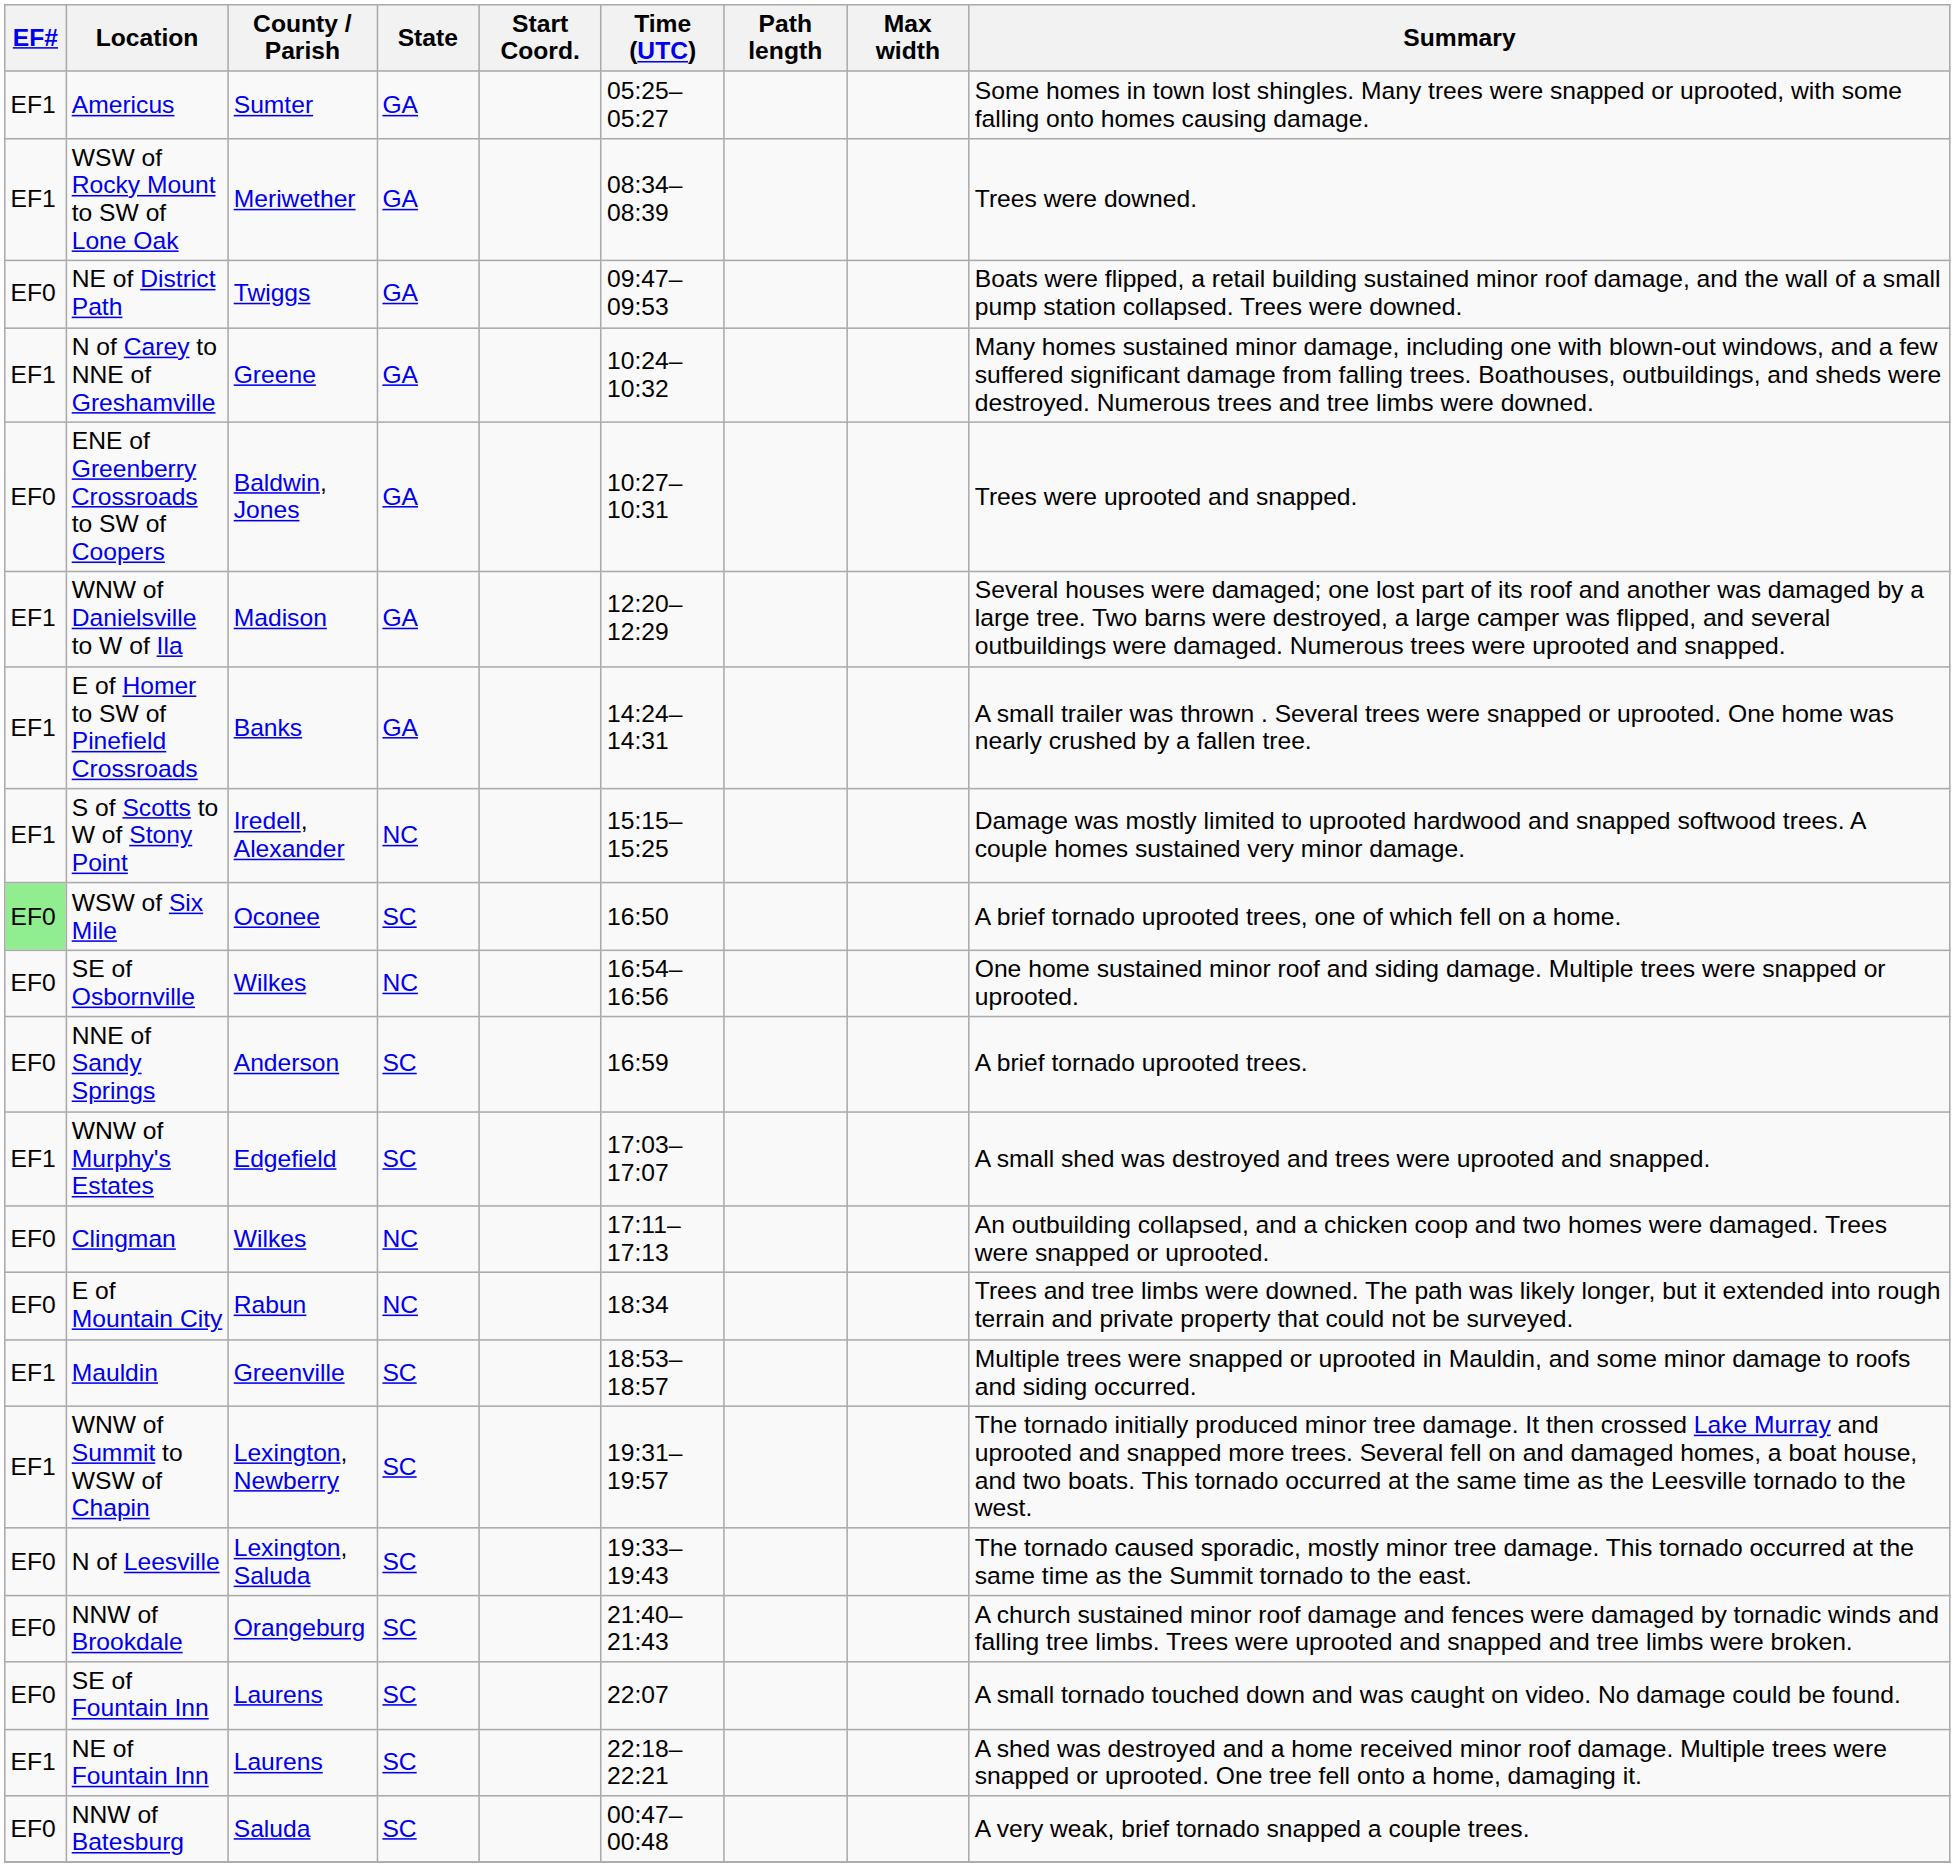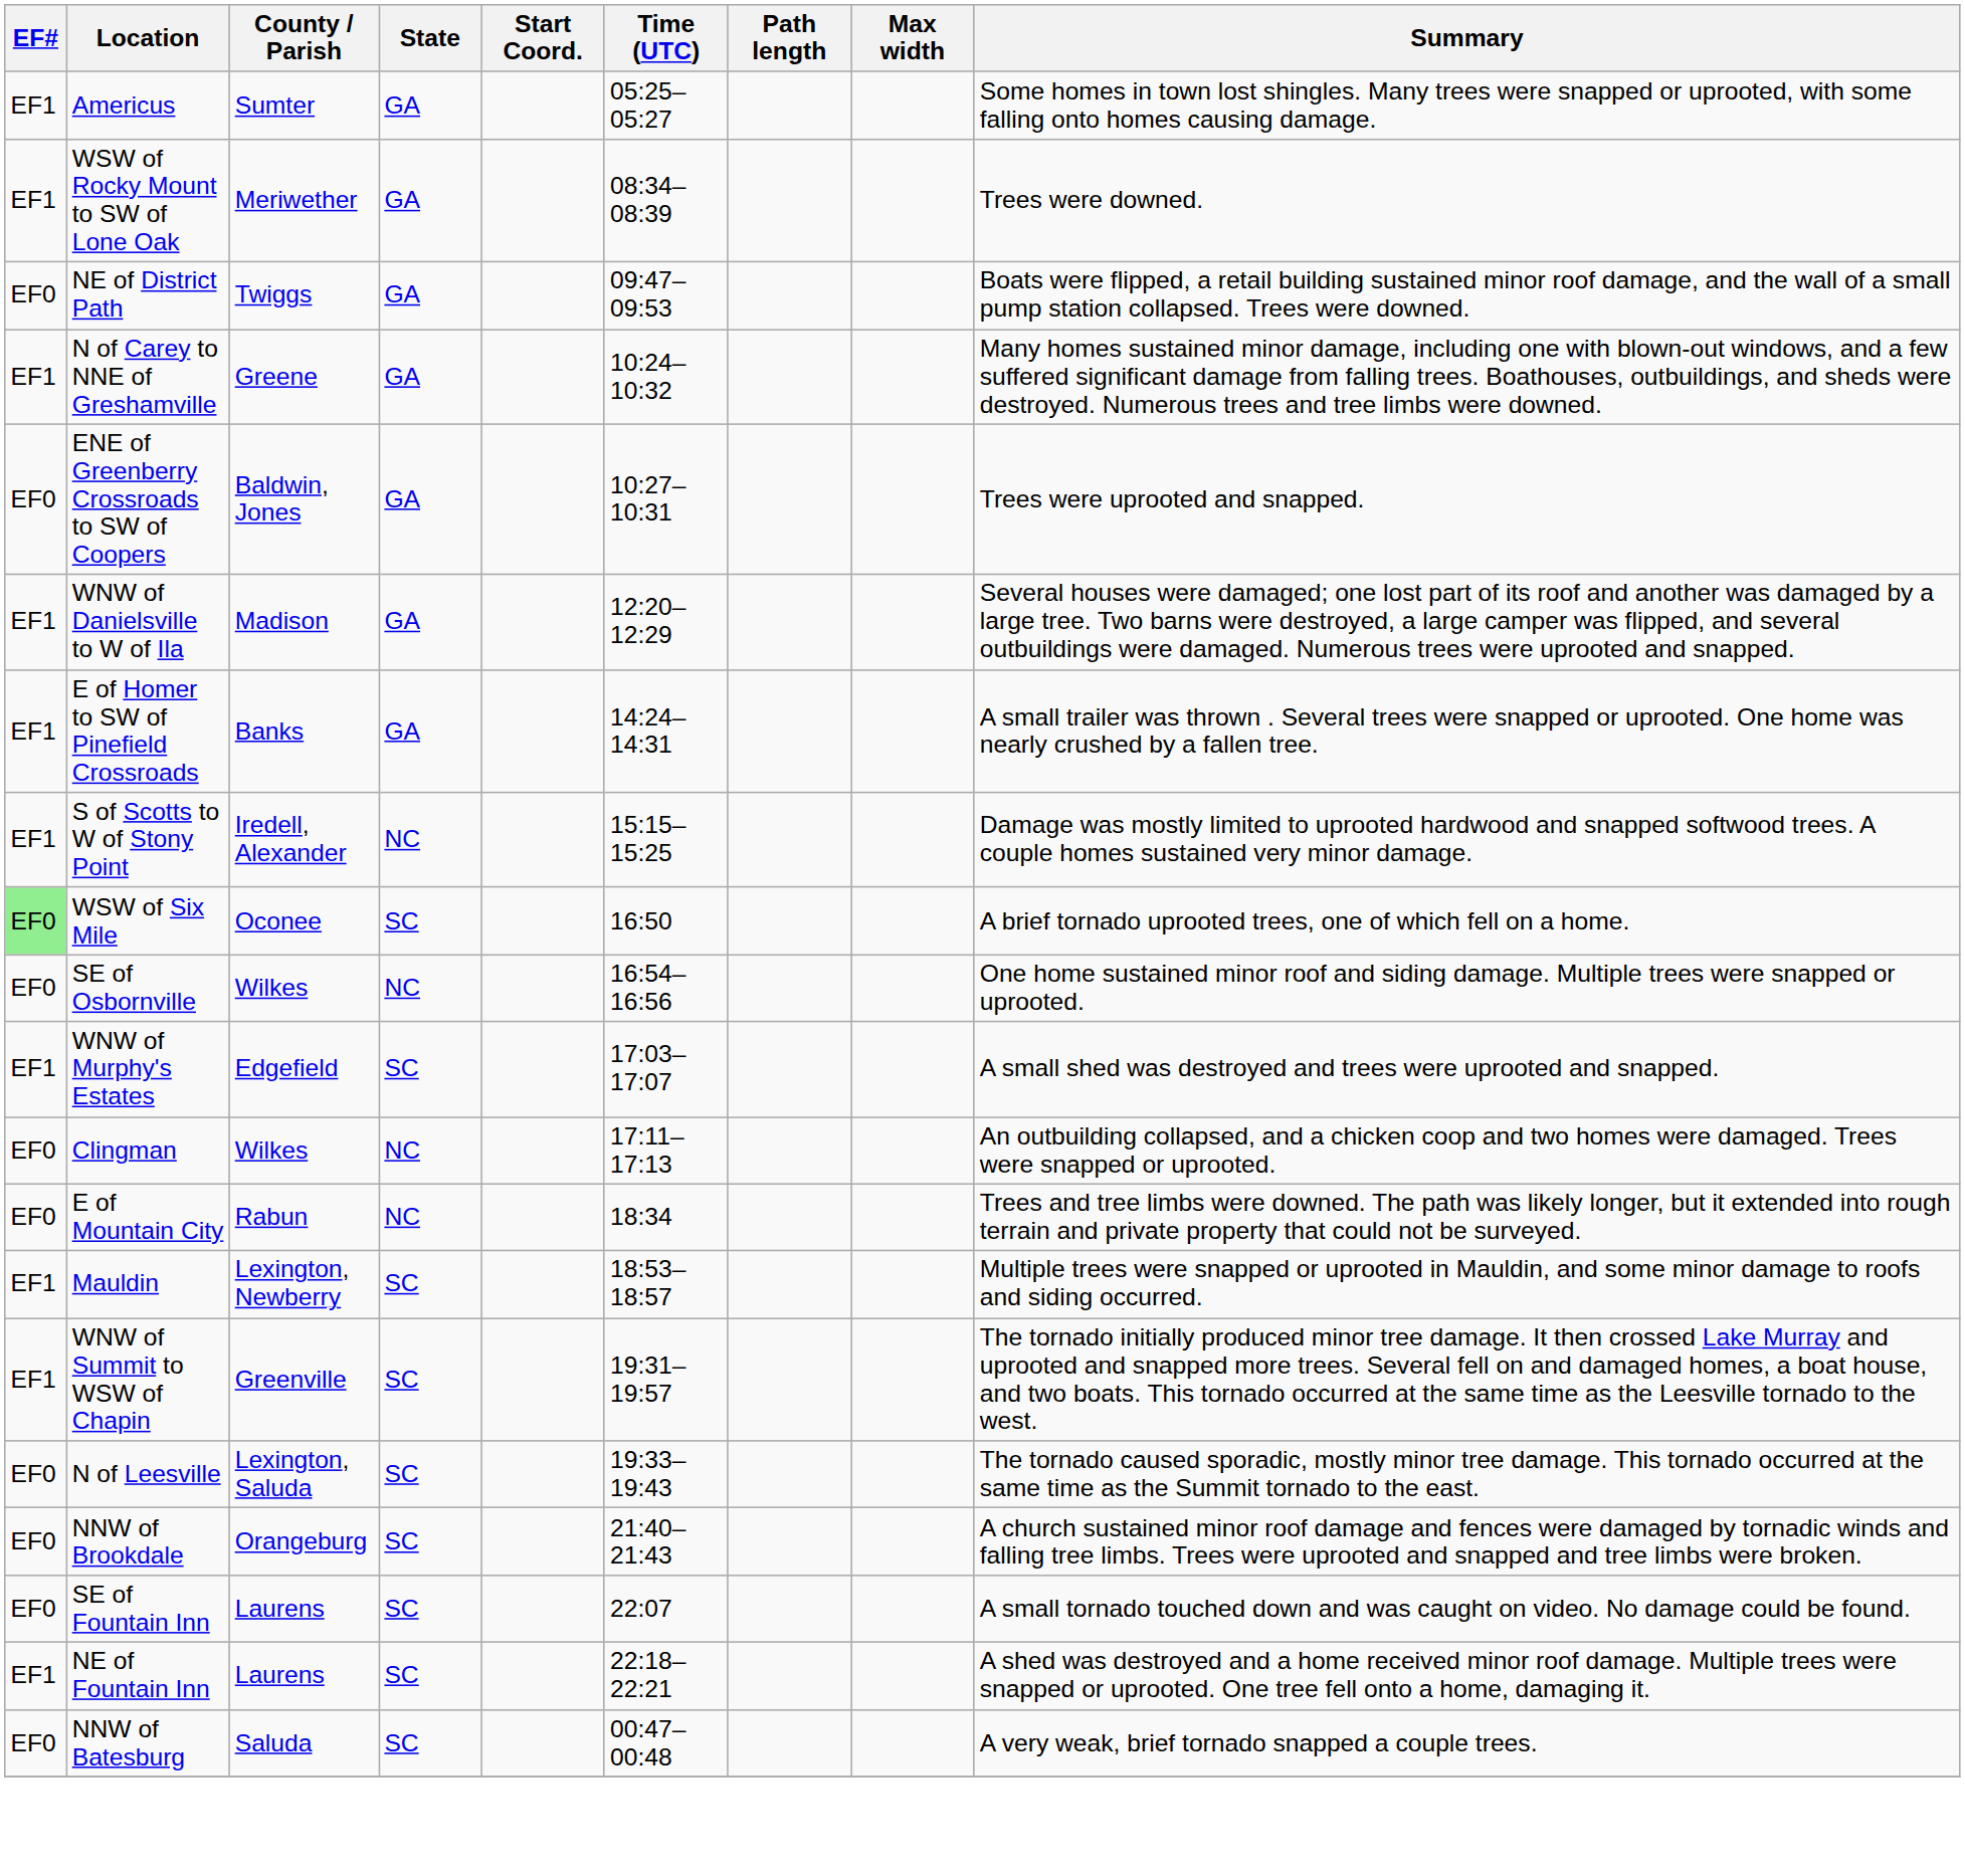 <table class="wikitable sortable" style="width:100%;">
 <tr>
 <th scope="col"  style="width:3%; text-align:center;"><a href='#'>EF#</a></th>
 <th scope="col"  style="width:7%; text-align:center;" class="unsortable">Location</th>
 <th scope="col"  style="width:6%; text-align:center;" class="unsortable">County / Parish</th>
 <th scope="col"  style="width:5%; text-align:center;">State</th>
 <th scope="col"  style="width:6%; text-align:center;">Start Coord.</th>
 <th scope="col"  style="width:6%; text-align:center;">Time (<a href='#'>UTC</a>)</th>
 <th scope="col"  style="width:6%; text-align:center;">Path length</th>
 <th scope="col"  style="width:6%; text-align:center;">Max width</th>
 <th scope="col" class="unsortable" style="width:48%; text-align:center;">Summary</th>
 </tr>
 <tr>
 <td>EF1</td>
 <td><a href='#'>Americus</a></td>
 <td><a href='#'>Sumter</a></td>
 <td><a href='#'>GA</a></td>
 <td></td>
 <td>05:25–05:27</td>
 <td></td>
 <td></td>
 <td>Some homes in town lost shingles. Many trees were snapped or uprooted, with some falling onto homes causing damage.</td>
 </tr>
 <tr>
 <td>EF1</td>
 <td>WSW of <a href='#'>Rocky Mount</a> to SW of <a href='#'>Lone Oak</a></td>
 <td><a href='#'>Meriwether</a></td>
 <td><a href='#'>GA</a></td>
 <td></td>
 <td>08:34–08:39</td>
 <td></td>
 <td></td>
 <td>Trees were downed.</td>
 </tr>
 <tr>
 <td>EF0</td>
 <td>NE of <a href='#'>District Path</a></td>
 <td><a href='#'>Twiggs</a></td>
 <td><a href='#'>GA</a></td>
 <td></td>
 <td>09:47–09:53</td>
 <td></td>
 <td></td>
 <td>Boats were flipped, a retail building sustained minor roof damage, and the wall of a small pump station collapsed. Trees were downed.</td>
 </tr>
 <tr>
 <td>EF1</td>
 <td>N of <a href='#'>Carey</a> to NNE of <a href='#'>Greshamville</a></td>
 <td><a href='#'>Greene</a></td>
 <td><a href='#'>GA</a></td>
 <td></td>
 <td>10:24–10:32</td>
 <td></td>
 <td></td>
 <td>Many homes sustained minor damage, including one with blown-out windows, and a few suffered significant damage from falling trees. Boathouses, outbuildings, and sheds were destroyed. Numerous trees and tree limbs were downed.</td>
 </tr>
 <tr>
 <td>EF0</td>
 <td>ENE of <a href='#'>Greenberry Crossroads</a> to SW of <a href='#'>Coopers</a></td>
 <td><a href='#'>Baldwin</a>, <a href='#'>Jones</a></td>
 <td><a href='#'>GA</a></td>
 <td></td>
 <td>10:27–10:31</td>
 <td></td>
 <td></td>
 <td>Trees were uprooted and snapped.</td>
 </tr>
 <tr>
 <td>EF1</td>
 <td>WNW of <a href='#'>Danielsville</a> to W of <a href='#'>Ila</a></td>
 <td><a href='#'>Madison</a></td>
 <td><a href='#'>GA</a></td>
 <td></td>
 <td>12:20–12:29</td>
 <td></td>
 <td></td>
 <td>Several houses were damaged; one lost part of its roof and another was damaged by a large tree. Two barns were destroyed, a large camper was flipped, and several outbuildings were damaged. Numerous trees were uprooted and snapped.</td>
 </tr>
 <tr>
 <td>EF1</td>
 <td>E of <a href='#'>Homer</a> to SW of <a href='#'>Pinefield Crossroads</a></td>
 <td><a href='#'>Banks</a></td>
 <td><a href='#'>GA</a></td>
 <td></td>
 <td>14:24–14:31</td>
 <td></td>
 <td></td>
 <td>A small trailer was thrown . Several trees were snapped or uprooted. One home was nearly crushed by a fallen tree.</td>
 </tr>
 <tr>
 <td>EF1</td>
 <td>S of <a href='#'>Scotts</a> to W of <a href='#'>Stony Point</a></td>
 <td><a href='#'>Iredell</a>, <a href='#'>Alexander</a></td>
 <td><a href='#'>NC</a></td>
 <td></td>
 <td>15:15–15:25</td>
 <td></td>
 <td></td>
 <td>Damage was mostly limited to uprooted hardwood and snapped softwood trees. A couple homes sustained very minor damage.</td>
 </tr>
 <tr>
 <td style="background: lightgreen;">EF0</td>
 <td>WSW of <a href='#'>Six Mile</a></td>
 <td><a href='#'>Oconee</a></td>
 <td><a href='#'>SC</a></td>
 <td></td>
 <td>16:50</td>
 <td></td>
 <td></td>
 <td>A brief tornado uprooted trees, one of which fell on a home.</td>
 </tr>
 <tr>
 <td>EF0</td>
 <td>SE of <a href='#'>Osbornville</a></td>
 <td><a href='#'>Wilkes</a></td>
 <td><a href='#'>NC</a></td>
 <td></td>
 <td>16:54–16:56</td>
 <td></td>
 <td></td>
 <td>One home sustained minor roof and siding damage. Multiple trees were snapped or uprooted.</td>
 </tr>
 <tr>
-<td>EF0</td>
-<td>NNE of <a href='#'>Sandy Springs</a></td>
-<td><a href='#'>Anderson</a></td>
-<td><a href='#'>SC</a></td>
-<td></td>
-<td>16:59</td>
-<td></td>
-<td></td>
-<td>A brief tornado uprooted trees.</td>
-</tr>
-<tr>
 <td>EF1</td>
 <td>WNW of <a href='#'>Murphy's Estates</a></td>
 <td><a href='#'>Edgefield</a></td>
 <td><a href='#'>SC</a></td>
 <td></td>
 <td>17:03–17:07</td>
 <td></td>
 <td></td>
 <td>A small shed was destroyed and trees were uprooted and snapped.</td>
 </tr>
 <tr>
 <td>EF0</td>
 <td><a href='#'>Clingman</a></td>
 <td><a href='#'>Wilkes</a></td>
 <td><a href='#'>NC</a></td>
 <td></td>
 <td>17:11–17:13</td>
 <td></td>
 <td></td>
 <td>An outbuilding collapsed, and a chicken coop and two homes were damaged. Trees were snapped or uprooted.</td>
 </tr>
 <tr>
 <td>EF0</td>
 <td>E of <a href='#'>Mountain City</a></td>
 <td><a href='#'>Rabun</a></td>
 <td><a href='#'>NC</a></td>
 <td></td>
 <td>18:34</td>
 <td></td>
 <td></td>
 <td>Trees and tree limbs were downed. The path was likely longer, but it extended into rough terrain and private property that could not be surveyed.</td>
 </tr>
 <tr>
 <td>EF1</td>
 <td><a href='#'>Mauldin</a></td>
-<td><a href='#'>Greenville</a></td>
+<td><a href='#'>Lexington</a>, <a href='#'>Newberry</a></td>
 <td><a href='#'>SC</a></td>
 <td></td>
 <td>18:53–18:57</td>
 <td></td>
 <td></td>
 <td>Multiple trees were snapped or uprooted in Mauldin, and some minor damage to roofs and siding occurred.</td>
 </tr>
 <tr>
 <td>EF1</td>
 <td>WNW of <a href='#'>Summit</a> to WSW of <a href='#'>Chapin</a></td>
-<td><a href='#'>Lexington</a>, <a href='#'>Newberry</a></td>
+<td><a href='#'>Greenville</a></td>
 <td><a href='#'>SC</a></td>
 <td></td>
 <td>19:31–19:57</td>
 <td></td>
 <td></td>
 <td>The tornado initially produced minor tree damage. It then crossed <a href='#'>Lake Murray</a> and uprooted and snapped more trees. Several fell on and damaged homes, a boat house, and two boats. This tornado occurred at the same time as the Leesville tornado to the west.</td>
 </tr>
 <tr>
 <td>EF0</td>
 <td>N of <a href='#'>Leesville</a></td>
 <td><a href='#'>Lexington</a>, <a href='#'>Saluda</a></td>
 <td><a href='#'>SC</a></td>
 <td></td>
 <td>19:33–19:43</td>
 <td></td>
 <td></td>
 <td>The tornado caused sporadic, mostly minor tree damage. This tornado occurred at the same time as the Summit tornado to the east.</td>
 </tr>
 <tr>
 <td>EF0</td>
 <td>NNW of <a href='#'>Brookdale</a></td>
 <td><a href='#'>Orangeburg</a></td>
 <td><a href='#'>SC</a></td>
 <td></td>
 <td>21:40–21:43</td>
 <td></td>
 <td></td>
 <td>A church sustained minor roof damage and fences were damaged by tornadic winds and falling tree limbs. Trees were uprooted and snapped and tree limbs were broken.</td>
 </tr>
 <tr>
 <td>EF0</td>
 <td>SE of <a href='#'>Fountain Inn</a></td>
 <td><a href='#'>Laurens</a></td>
 <td><a href='#'>SC</a></td>
 <td></td>
 <td>22:07</td>
 <td></td>
 <td></td>
 <td>A small tornado touched down and was caught on video. No damage could be found.</td>
 </tr>
 <tr>
 <td>EF1</td>
 <td>NE of <a href='#'>Fountain Inn</a></td>
 <td><a href='#'>Laurens</a></td>
 <td><a href='#'>SC</a></td>
 <td></td>
 <td>22:18–22:21</td>
 <td></td>
 <td></td>
 <td>A shed was destroyed and a home received minor roof damage. Multiple trees were snapped or uprooted. One tree fell onto a home, damaging it.</td>
 </tr>
 <tr>
 <td>EF0</td>
 <td>NNW of <a href='#'>Batesburg</a></td>
 <td><a href='#'>Saluda</a></td>
 <td><a href='#'>SC</a></td>
 <td></td>
 <td>00:47–00:48</td>
 <td></td>
 <td></td>
 <td>A very weak, brief tornado snapped a couple trees.</td>
 </tr>
 <tr>
 </tr>
 </table>
